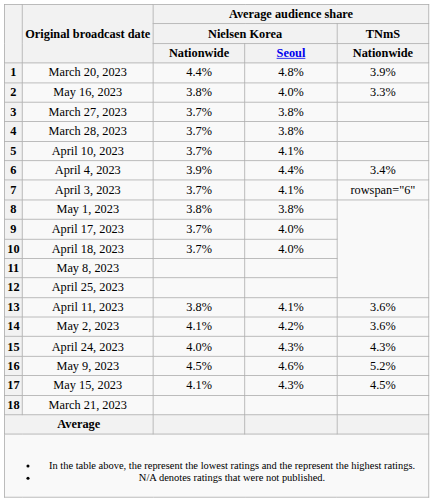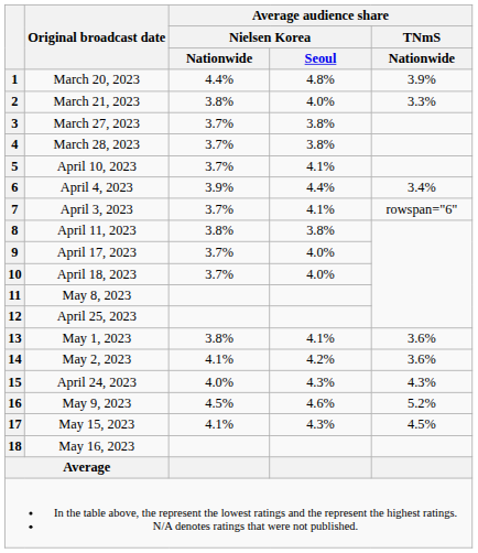 <table class="wikitable" style="text-align:center; max-width:600px; margin-left:auto; margin-right:auto">
 <tr>
 <th scope="col" rowspan="3"></th>
 <th scope="col" rowspan="3">Original broadcast date</th>
 <th scope="col" colspan="3">Average audience share</th>
 </tr>
 <tr>
 <th scope="col" colspan="2">Nielsen Korea</th>
 <th scope="col">TNmS</th>
 </tr>
 <tr>
 <th scope="col" style="width:7em">Nationwide</th>
 <th scope="col" style="width:7em"><a href='#'>Seoul</a></th>
 <th scope="col" style="width:7em">Nationwide</th>
 </tr>
 <tr>
 <th scope"row">1</th>
 <td>March 20, 2023</td>
 <td>4.4% </td>
 <td>4.8% </td>
 <td>3.9% </td>
 </tr>
 <tr>
 <th scope"row">2</th>
-<td>May 16, 2023</td>
+<td>March 21, 2023</td>
 <td>3.8% </td>
 <td>4.0% </td>
 <td>3.3% </td>
 </tr>
 <tr>
 <th scope"row">3</th>
 <td>March 27, 2023</td>
 <td>3.7% </td>
 <td>3.8% </td>
 <td></td>
 </tr>
 <tr>
 <th scope"row">4</th>
 <td>March 28, 2023</td>
 <td>3.7% </td>
 <td>3.8% </td>
 <td><strong></strong> </td>
 </tr>
 <tr>
 <th scope"row">5</th>
 <td>April 10, 2023</td>
 <td>3.7% </td>
 <td>4.1% </td>
 <td></td>
 </tr>
 <tr>
 <th scope"row">6</th>
 <td>April 4, 2023</td>
 <td>3.9% </td>
 <td>4.4% </td>
 <td>3.4% </td>
 </tr>
 <tr>
 <th scope"row">7</th>
 <td>April 3, 2023</td>
 <td>3.7% </td>
 <td>4.1% </td>
 <td>rowspan="6" </td>
 </tr>
 <tr>
 <th scope"row">8</th>
-<td>May 1, 2023</td>
+<td>April 11, 2023</td>
 <td>3.8% </td>
 <td>3.8% </td>
 </tr>
 <tr>
 <th scope"row">9</th>
 <td>April 17, 2023</td>
 <td>3.7% </td>
 <td>4.0% </td>
 </tr>
 <tr>
 <th scope"row">10</th>
 <td>April 18, 2023</td>
 <td>3.7% </td>
 <td>4.0% </td>
 </tr>
 <tr>
 <th scope"row">11</th>
 <td>May 8, 2023</td>
 <td><strong></strong> </td>
 <td><strong></strong> </td>
 </tr>
 <tr>
 <th scope"row">12</th>
 <td>April 25, 2023</td>
 <td><strong></strong> </td>
 <td><strong></strong> </td>
 </tr>
 <tr>
 <th scope"row">13</th>
-<td>April 11, 2023</td>
+<td>May 1, 2023</td>
 <td>3.8% </td>
 <td>4.1% </td>
 <td>3.6% </td>
 </tr>
 <tr>
 <th scope"row">14</th>
 <td>May 2, 2023</td>
 <td>4.1% </td>
 <td>4.2% </td>
 <td>3.6% </td>
 </tr>
 <tr>
 <th scope"row">15</th>
 <td>April 24, 2023</td>
 <td>4.0% </td>
 <td>4.3% </td>
 <td>4.3% </td>
 </tr>
 <tr>
 <th scope"row">16</th>
 <td>May 9, 2023</td>
 <td>4.5% </td>
 <td>4.6% </td>
 <td>5.2% </td>
 </tr>
 <tr>
 <th scope"row">17</th>
 <td>May 15, 2023</td>
 <td>4.1% </td>
 <td>4.3% </td>
 <td>4.5% </td>
 </tr>
 <tr>
 <th scope"row">18</th>
-<td>March 21, 2023</td>
+<td>May 16, 2023</td>
 <td><strong></strong> </td>
 <td><strong></strong> </td>
 <td><strong></strong> </td>
 </tr>
 <tr>
 <th scope="col" colspan="2">Average</th>
 <th scope="col"></th>
 <th scope="col"></th>
 <th scope="col"></th>
 </tr>
 <tr>
 <td colspan="5" style="font-size:85%"><br><ul><li>In the table above, the <strong></strong> represent the lowest ratings and the <strong></strong> represent the highest ratings.</li><li>N/A denotes ratings that were not published.</li></ul></td>
 </tr>
 </table>
